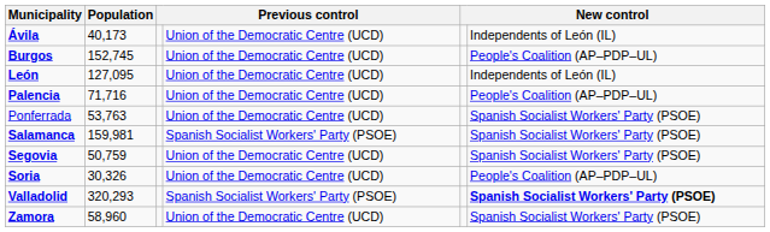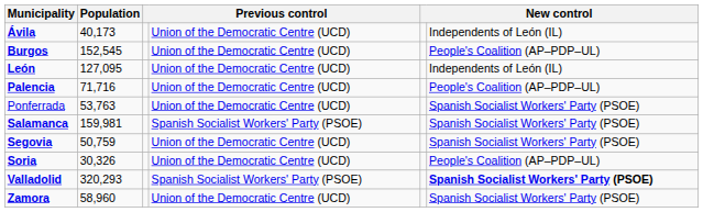 <table class="wikitable sortable">
 <tr>
 <th>Municipality</th>
 <th>Population</th>
 <th colspan="2" style="width:375px;">Previous control</th>
 <th colspan="2" style="width:375px;">New control</th>
 </tr>
 <tr>
 <td><strong><a href='#'>Ávila</a></strong></td>
 <td>40,173</td>
 <td width="1" style="color:inherit;background:"></td>
 <td><a href='#'>Union of the Democratic Centre</a> (UCD)</td>
 <td width="1" style="color:inherit;background:"></td>
 <td>Independents of León (IL)</td>
 </tr>
 <tr>
 <td><strong><a href='#'>Burgos</a></strong></td>
-<td>152,745</td>
+<td>152,545</td>
 <td style="color:inherit;background:"></td>
 <td><a href='#'>Union of the Democratic Centre</a> (UCD)</td>
 <td style="color:inherit;background:"></td>
 <td><a href='#'>People's Coalition</a> (AP–PDP–UL) </td>
 </tr>
 <tr>
 <td><strong><a href='#'>León</a></strong></td>
 <td>127,095</td>
 <td style="color:inherit;background:"></td>
 <td><a href='#'>Union of the Democratic Centre</a> (UCD)</td>
 <td style="color:inherit;background:"></td>
 <td>Independents of León (IL)</td>
 </tr>
 <tr>
 <td><strong><a href='#'>Palencia</a></strong></td>
 <td>71,716</td>
 <td style="color:inherit;background:"></td>
 <td><a href='#'>Union of the Democratic Centre</a> (UCD)</td>
 <td style="color:inherit;background:"></td>
 <td><a href='#'>People's Coalition</a> (AP–PDP–UL)</td>
 </tr>
 <tr>
 <td><a href='#'>Ponferrada</a></td>
 <td>53,763</td>
 <td style="color:inherit;background:"></td>
 <td><a href='#'>Union of the Democratic Centre</a> (UCD)</td>
 <td style="color:inherit;background:"></td>
 <td><a href='#'>Spanish Socialist Workers' Party</a> (PSOE)</td>
 </tr>
 <tr>
 <td><strong><a href='#'>Salamanca</a></strong></td>
 <td>159,981</td>
 <td style="color:inherit;background:"></td>
 <td><a href='#'>Spanish Socialist Workers' Party</a> (PSOE)</td>
 <td style="color:inherit;background:"></td>
 <td><a href='#'>Spanish Socialist Workers' Party</a> (PSOE)</td>
 </tr>
 <tr>
 <td><strong><a href='#'>Segovia</a></strong></td>
 <td>50,759</td>
 <td style="color:inherit;background:"></td>
 <td><a href='#'>Union of the Democratic Centre</a> (UCD)</td>
 <td style="color:inherit;background:"></td>
 <td><a href='#'>Spanish Socialist Workers' Party</a> (PSOE) </td>
 </tr>
 <tr>
 <td><strong><a href='#'>Soria</a></strong></td>
 <td>30,326</td>
 <td style="color:inherit;background:"></td>
 <td><a href='#'>Union of the Democratic Centre</a> (UCD)</td>
 <td style="color:inherit;background:"></td>
 <td><a href='#'>People's Coalition</a> (AP–PDP–UL)</td>
 </tr>
 <tr>
 <td><strong><a href='#'>Valladolid</a></strong></td>
 <td>320,293</td>
 <td style="color:inherit;background:"></td>
 <td><a href='#'>Spanish Socialist Workers' Party</a> (PSOE)</td>
 <td style="color:inherit;background:"></td>
 <td><strong><a href='#'>Spanish Socialist Workers' Party</a> (PSOE)</strong></td>
 </tr>
 <tr>
 <td><strong><a href='#'>Zamora</a></strong></td>
 <td>58,960</td>
 <td style="color:inherit;background:"></td>
 <td><a href='#'>Union of the Democratic Centre</a> (UCD)</td>
 <td style="color:inherit;background:"></td>
 <td><a href='#'>Spanish Socialist Workers' Party</a> (PSOE)</td>
 </tr>
 </table>
